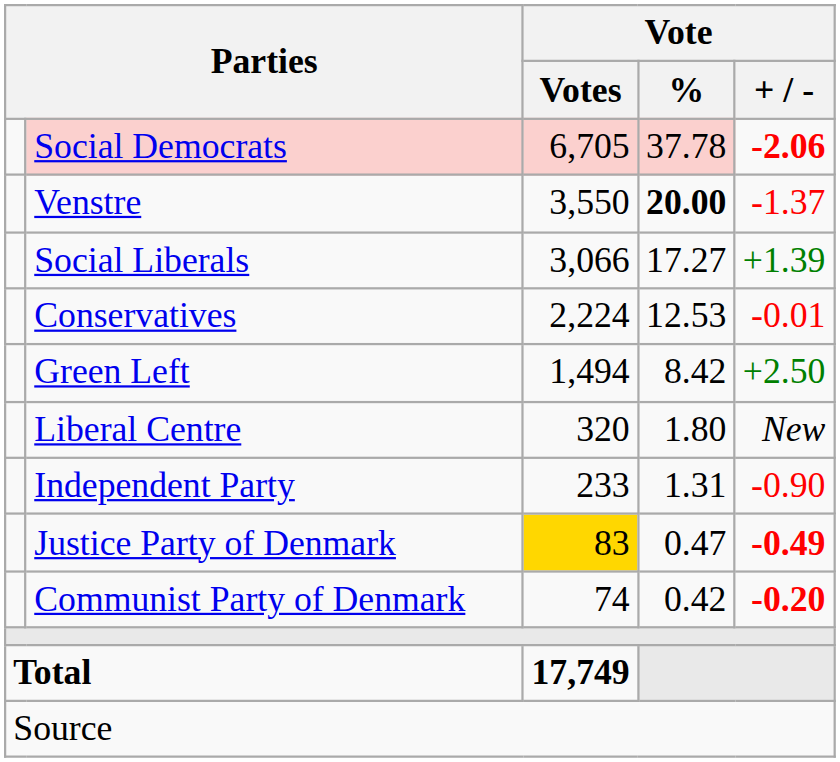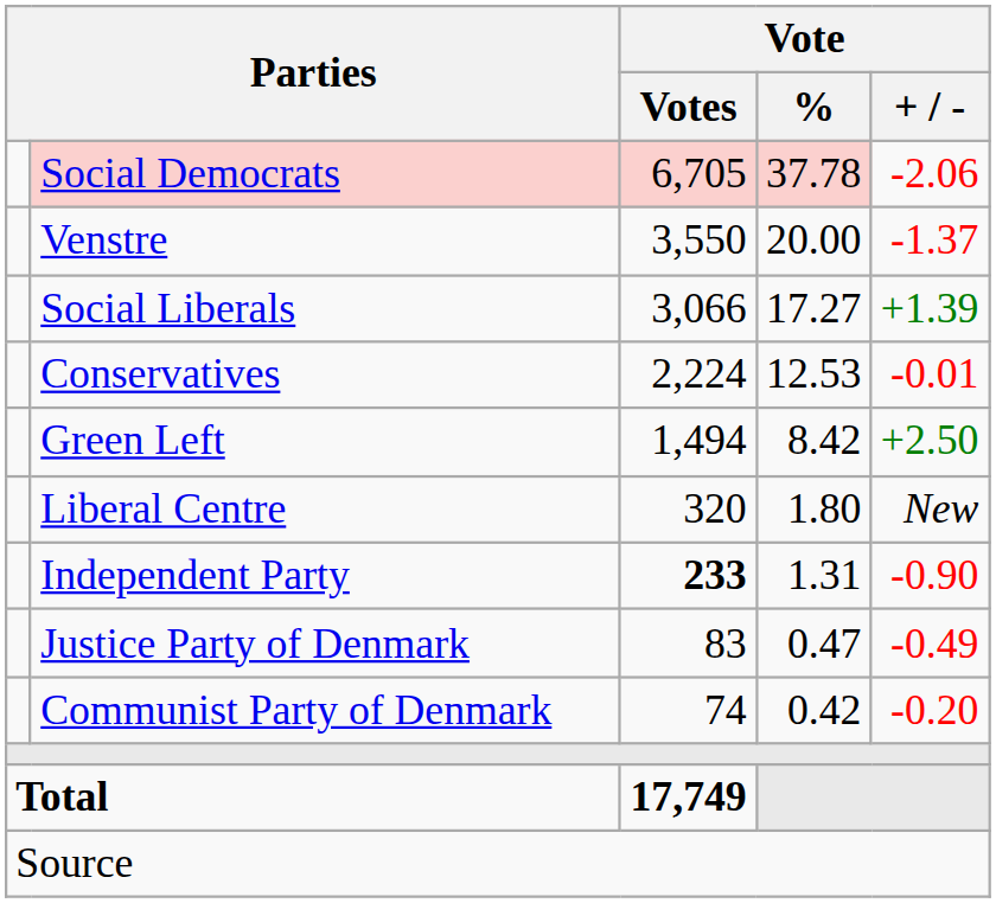 <table class="wikitable" style="text-align:right;">
 <tr>
 <th style="text-align:centre;" rowspan="2" colspan="2" width="225">Parties</th>
 <th colspan="3">Vote</th>
 </tr>
 <tr>
 <th width="15">Votes</th>
 <th width="15">%</th>
 <th width="15">+ / -</th>
 </tr>
 <tr>
 <td width="2" style="color:inherit;background:"></td>
 <td bgcolor=#fbd0ce  align="left"><a href='#'>Social Democrats</a></td>
 <td bgcolor=#fbd0ce>6,705</td>
 <td bgcolor=#fbd0ce>37.78</td>
-<td style=color:red;><strong>-2.06</strong></td>
+<td style=color:red;>-2.06</td>
 </tr>
 <tr>
 <td width="2" style="color:inherit;background:"></td>
 <td align="left"><a href='#'>Venstre</a></td>
 <td>3,550</td>
-<td><strong>20.00</strong></td>
+<td>20.00</td>
 <td style=color:red;>-1.37</td>
 </tr>
 <tr>
 <td width="2" style="color:inherit;background:"></td>
 <td align="left"><a href='#'>Social Liberals</a></td>
 <td>3,066</td>
 <td>17.27</td>
 <td style=color:green;>+1.39</td>
 </tr>
 <tr>
 <td width="2" style="color:inherit;background:"></td>
 <td align="left"><a href='#'>Conservatives</a></td>
 <td>2,224</td>
 <td>12.53</td>
 <td style=color:red;>-0.01</td>
 </tr>
 <tr>
 <td width="2" style="color:inherit;background:"></td>
 <td align="left"><a href='#'>Green Left</a></td>
 <td>1,494</td>
 <td>8.42</td>
 <td style=color:green;>+2.50</td>
 </tr>
 <tr>
 <td width="2" style="color:inherit;background:"></td>
 <td align="left"><a href='#'>Liberal Centre</a></td>
 <td>320</td>
 <td>1.80</td>
 <td><em>New</em></td>
 </tr>
 <tr>
 <td width="2" style="color:inherit;background:"></td>
 <td align="left"><a href='#'>Independent Party</a></td>
-<td>233</td>
+<td><strong>233</strong></td>
 <td>1.31</td>
 <td style=color:red;>-0.90</td>
 </tr>
 <tr>
 <td width="2" style="color:inherit;background:"></td>
 <td align="left"><a href='#'>Justice Party of Denmark</a></td>
-<td style="background: gold;">83</td>
+<td>83</td>
 <td>0.47</td>
-<td style=color:red;><strong>-0.49</strong></td>
+<td style=color:red;>-0.49</td>
 </tr>
 <tr>
 <td width="2" style="color:inherit;background:"></td>
 <td align="left"><a href='#'>Communist Party of Denmark</a></td>
 <td>74</td>
 <td>0.42</td>
-<td style=color:red;><strong>-0.20</strong></td>
+<td style=color:red;>-0.20</td>
 </tr>
 <tr>
 <td colspan="7" bgcolor="#E9E9E9"></td>
 </tr>
 <tr>
 <td align="left" colspan="2"><strong>Total</strong></td>
 <td><strong>17,749</strong></td>
 <td bgcolor="#E9E9E9" colspan="2"></td>
 </tr>
 <tr>
 <td align="left" colspan="6">Source</td>
 </tr>
 </table>
